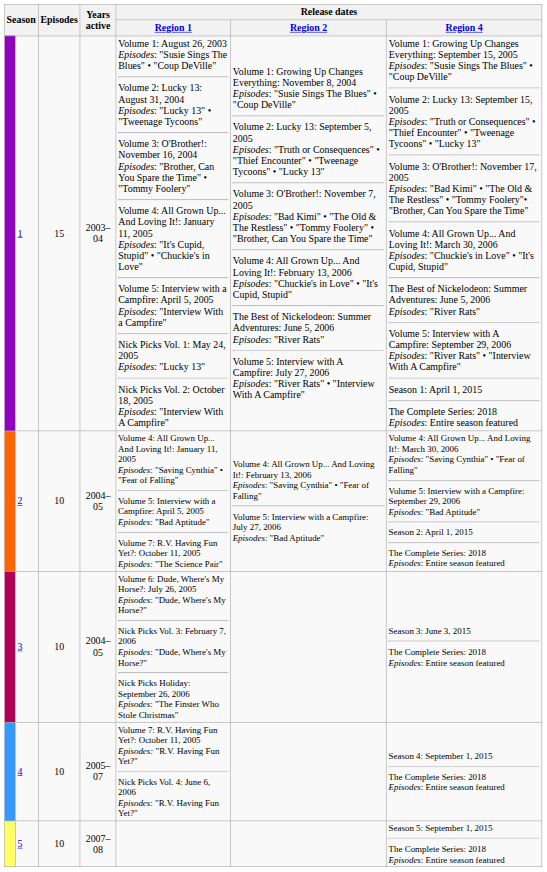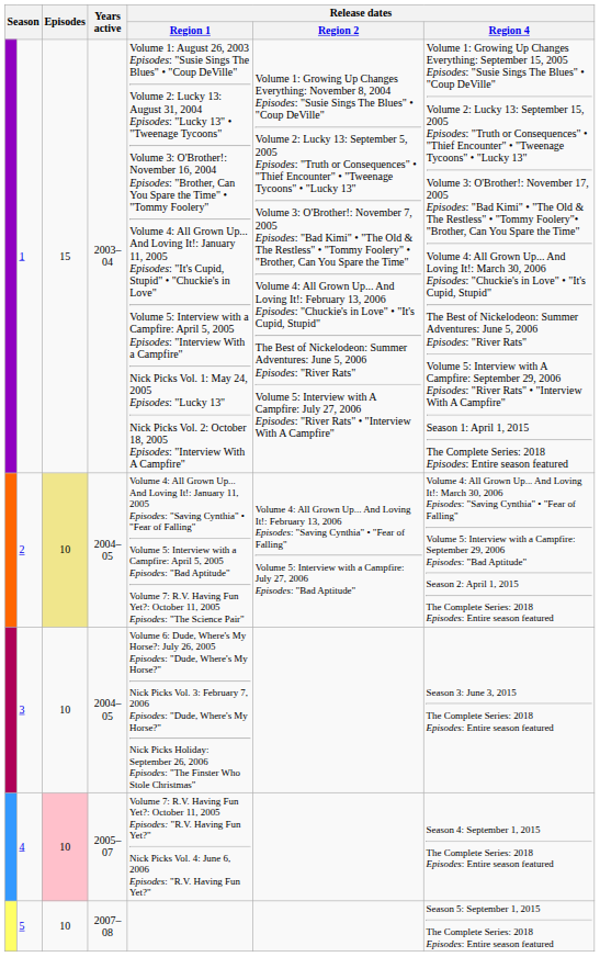 <table class="wikitable">
 <tr>
 <th colspan=2 rowspan=2>Season</th>
 <th rowspan=2>Episodes</th>
 <th rowspan=2>Years active</th>
 <th colspan=3>Release dates</th>
 </tr>
 <tr>
 <th><a href='#'>Region 1</a></th>
 <th><a href='#'>Region 2</a></th>
 <th><a href='#'>Region 4</a></th>
 </tr>
 <tr>
 <td style="background:#9000C0"></td>
 <td><a href='#'>1</a></td>
 <td style="text-align: center">15</td>
 <td style="text-align: center">2003–04</td>
 <td>Volume 1: August 26, 2003<br><em>Episodes</em>: "Susie Sings The Blues" • "Coup DeVille" <hr>Volume 2: Lucky 13: August 31, 2004<br><em>Episodes</em>: "Lucky 13" • "Tweenage Tycoons" <hr>Volume 3: O'Brother!: November 16, 2004<br><em>Episodes</em>: "Brother, Can You Spare the Time" • "Tommy Foolery" <hr>Volume 4: All Grown Up... And Loving It!: January 11, 2005<br><em>Episodes</em>: "It's Cupid, Stupid" • "Chuckie's in Love" <hr>Volume 5: Interview with a Campfire: April 5, 2005<br><em>Episodes</em>: "Interview With a Campfire"<hr>Nick Picks Vol. 1: May 24, 2005<br><em>Episodes</em>: "Lucky 13"<hr>Nick Picks Vol. 2: October 18, 2005<br><em>Episodes</em>: "Interview With A Campfire"</td>
 <td>Volume 1: Growing Up Changes Everything: November 8, 2004<br><em>Episodes</em>: "Susie Sings The Blues" • "Coup DeVille"<hr>Volume 2: Lucky 13: September 5, 2005<br><em>Episodes</em>: "Truth or Consequences" • "Thief Encounter" • "Tweenage Tycoons" • "Lucky 13"<hr>Volume 3: O'Brother!: November 7, 2005<br><em>Episodes</em>: "Bad Kimi" • "The Old & The Restless" • "Tommy Foolery" • "Brother, Can You Spare the Time"<hr>Volume 4: All Grown Up... And Loving It!: February 13, 2006<br><em>Episodes</em>: "Chuckie's in Love" • "It's Cupid, Stupid"<hr>The Best of Nickelodeon: Summer Adventures: June 5, 2006<br><em>Episodes</em>: "River Rats"<hr>Volume 5: Interview with A Campfire: July 27, 2006<br><em>Episodes</em>: "River Rats" • "Interview With A Campfire"</td>
 <td>Volume 1: Growing Up Changes Everything: September 15, 2005<br><em>Episodes</em>: "Susie Sings The Blues" • "Coup DeVille"<hr>Volume 2: Lucky 13: September 15, 2005<br><em>Episodes</em>: "Truth or Consequences" • "Thief Encounter" • "Tweenage Tycoons" • "Lucky 13"<hr>Volume 3: O'Brother!: November 17, 2005<br><em>Episodes</em>: "Bad Kimi" • "The Old & The Restless" • "Tommy Foolery"• "Brother, Can You Spare the Time"<hr>Volume 4: All Grown Up... And Loving It!: March 30, 2006<br><em>Episodes</em>: "Chuckie's in Love" • "It's Cupid, Stupid"<hr>The Best of Nickelodeon: Summer Adventures: June 5, 2006<br><em>Episodes</em>: "River Rats"<hr>Volume 5: Interview with A Campfire: September 29, 2006<br><em>Episodes</em>: "River Rats" • "Interview With A Campfire"<hr>Season 1: April 1, 2015<hr>The Complete Series: 2018<br><em>Episodes</em>: Entire season featured</td>
 </tr>
 <tr>
 <td style="background:#FF6600"></td>
 <td><a href='#'>2</a></td>
-<td style="text-align: center">10</td>
+<td style="background: khaki; text-align: center">10</td>
 <td style="text-align: center">2004–05</td>
 <td style="font-size:90%">Volume 4: All Grown Up... And Loving It!: January 11, 2005<br><em>Episodes</em>: "Saving Cynthia" • "Fear of Falling"<hr>Volume 5: Interview with a Campfire: April 5, 2005<br><em>Episodes</em>: "Bad Aptitude"<hr>Volume 7: R.V. Having Fun Yet?: October 11, 2005<br><em>Episodes</em>: "The Science Pair"</td>
 <td style="font-size:90%">Volume 4: All Grown Up... And Loving It!: February 13, 2006<br><em>Episodes</em>: "Saving Cynthia" • "Fear of Falling"<hr>Volume 5: Interview with a Campfire: July 27, 2006<br><em>Episodes</em>: "Bad Aptitude"</td>
 <td style="font-size:90%">Volume 4: All Grown Up... And Loving It!: March 30, 2006<br><em>Episodes</em>: "Saving Cynthia" • "Fear of Falling"<hr>Volume 5: Interview with a Campfire: September 29, 2006<br><em>Episodes</em>: "Bad Aptitude"<hr>Season 2: April 1, 2015<hr>The Complete Series: 2018<br><em>Episodes</em>: Entire season featured</td>
 </tr>
 <tr>
 <td style="background:#AE0057"></td>
 <td><a href='#'>3</a></td>
 <td style="text-align: center">10</td>
 <td style="text-align: center">2004–05</td>
 <td style="font-size:90%">Volume 6: Dude, Where's My Horse?: July 26, 2005 <br><em>Episodes</em>: "Dude, Where's My Horse?" <hr>Nick Picks Vol. 3: February 7, 2006<br><em>Episodes</em>: "Dude, Where's My Horse?" <hr>Nick Picks Holiday: September 26, 2006<br><em>Episodes</em>: "The Finster Who Stole Christmas"</td>
 <td></td>
 <td style="font-size:90%">Season 3: June 3, 2015<hr>The Complete Series: 2018<br><em>Episodes</em>: Entire season featured</td>
 </tr>
 <tr>
 <td style="background:#3399FF"></td>
 <td><a href='#'>4</a></td>
-<td style="text-align: center">10</td>
+<td style="background: pink; text-align: center">10</td>
 <td style="text-align: center">2005–07</td>
 <td style="font-size:90%">Volume 7: R.V. Having Fun Yet?: October 11, 2005 <em>Episodes:</em> "R.V. Having Fun Yet?"<hr>Nick Picks Vol. 4: June 6, 2006<br><em>Episodes</em>: "R.V. Having Fun Yet?"</td>
 <td></td>
 <td style="font-size:90%">Season 4: September 1, 2015<hr>The Complete Series: 2018<br><em>Episodes</em>: Entire season featured</td>
 </tr>
 <tr>
 <td style="background:#ff6"></td>
 <td><a href='#'>5</a></td>
 <td style="text-align: center">10</td>
 <td style="text-align: center">2007–08</td>
 <td></td>
 <td></td>
 <td style="font-size:90%">Season 5: September 1, 2015<hr>The Complete Series: 2018<br><em>Episodes</em>: Entire season featured</td>
 </tr>
 </table>
